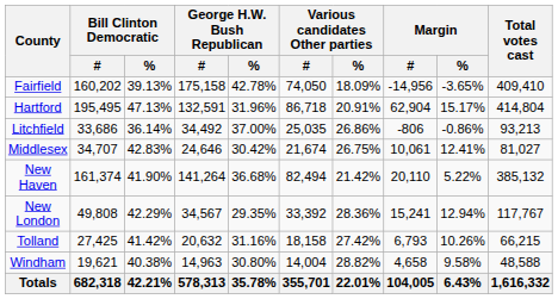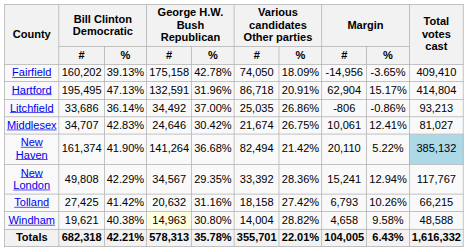 <table width="60%"  class="wikitable sortable" style="text-align:center">
 <tr>
 <th style="text-align:center;" rowspan="2">County</th>
 <th style="text-align:center;" colspan="2">Bill Clinton<br>Democratic</th>
 <th style="text-align:center;" colspan="2">George H.W. Bush<br>Republican</th>
 <th style="text-align:center;" colspan="2">Various candidates<br>Other parties</th>
 <th style="text-align:center;" colspan="2">Margin</th>
 <th style="text-align:center;" rowspan="2">Total votes cast</th>
 </tr>
 <tr>
 <th style="text-align:center;" data-sort-type="number">#</th>
 <th style="text-align:center;" data-sort-type="number">%</th>
 <th style="text-align:center;" data-sort-type="number">#</th>
 <th style="text-align:center;" data-sort-type="number">%</th>
 <th style="text-align:center;" data-sort-type="number">#</th>
 <th style="text-align:center;" data-sort-type="number">%</th>
 <th style="text-align:center;" data-sort-type="number">#</th>
 <th style="text-align:center;" data-sort-type="number">%</th>
 </tr>
 <tr style="text-align:center;">
 <td><a href='#'>Fairfield</a></td>
 <td>160,202</td>
 <td>39.13%</td>
 <td>175,158</td>
 <td>42.78%</td>
 <td>74,050</td>
 <td>18.09%</td>
 <td>-14,956</td>
 <td>-3.65%</td>
 <td>409,410</td>
 </tr>
 <tr style="text-align:center;">
 <td><a href='#'>Hartford</a></td>
 <td>195,495</td>
 <td>47.13%</td>
 <td>132,591</td>
 <td>31.96%</td>
 <td>86,718</td>
 <td>20.91%</td>
 <td>62,904</td>
 <td>15.17%</td>
 <td>414,804</td>
 </tr>
 <tr style="text-align:center;">
 <td><a href='#'>Litchfield</a></td>
 <td>33,686</td>
 <td>36.14%</td>
 <td>34,492</td>
 <td>37.00%</td>
 <td>25,035</td>
 <td>26.86%</td>
 <td>-806</td>
 <td>-0.86%</td>
 <td>93,213</td>
 </tr>
 <tr style="text-align:center;">
 <td><a href='#'>Middlesex</a></td>
 <td>34,707</td>
 <td>42.83%</td>
 <td>24,646</td>
 <td>30.42%</td>
 <td>21,674</td>
 <td>26.75%</td>
 <td>10,061</td>
 <td>12.41%</td>
 <td>81,027</td>
 </tr>
 <tr style="text-align:center;">
 <td><a href='#'>New Haven</a></td>
 <td>161,374</td>
 <td>41.90%</td>
 <td>141,264</td>
 <td>36.68%</td>
 <td>82,494</td>
 <td>21.42%</td>
 <td>20,110</td>
 <td>5.22%</td>
-<td>385,132</td>
+<td style="background: lightblue;">385,132</td>
 </tr>
 <tr style="text-align:center;">
 <td><a href='#'>New London</a></td>
 <td>49,808</td>
 <td>42.29%</td>
 <td>34,567</td>
 <td>29.35%</td>
 <td>33,392</td>
 <td>28.36%</td>
 <td>15,241</td>
 <td>12.94%</td>
 <td>117,767</td>
 </tr>
 <tr style="text-align:center;">
 <td><a href='#'>Tolland</a></td>
 <td>27,425</td>
 <td>41.42%</td>
 <td>20,632</td>
 <td>31.16%</td>
 <td>18,158</td>
 <td>27.42%</td>
 <td>6,793</td>
 <td>10.26%</td>
 <td>66,215</td>
 </tr>
 <tr style="text-align:center;">
 <td><a href='#'>Windham</a></td>
 <td>19,621</td>
 <td>40.38%</td>
-<td>14,963</td>
+<td style="background: lightyellow;">14,963</td>
 <td>30.80%</td>
 <td>14,004</td>
 <td>28.82%</td>
 <td>4,658</td>
 <td>9.58%</td>
 <td>48,588</td>
 </tr>
 <tr>
 <th>Totals</th>
 <th>682,318</th>
 <th>42.21%</th>
 <th>578,313</th>
 <th>35.78%</th>
 <th>355,701</th>
 <th>22.01%</th>
 <th>104,005</th>
 <th>6.43%</th>
 <th>1,616,332</th>
 </tr>
 </table>
